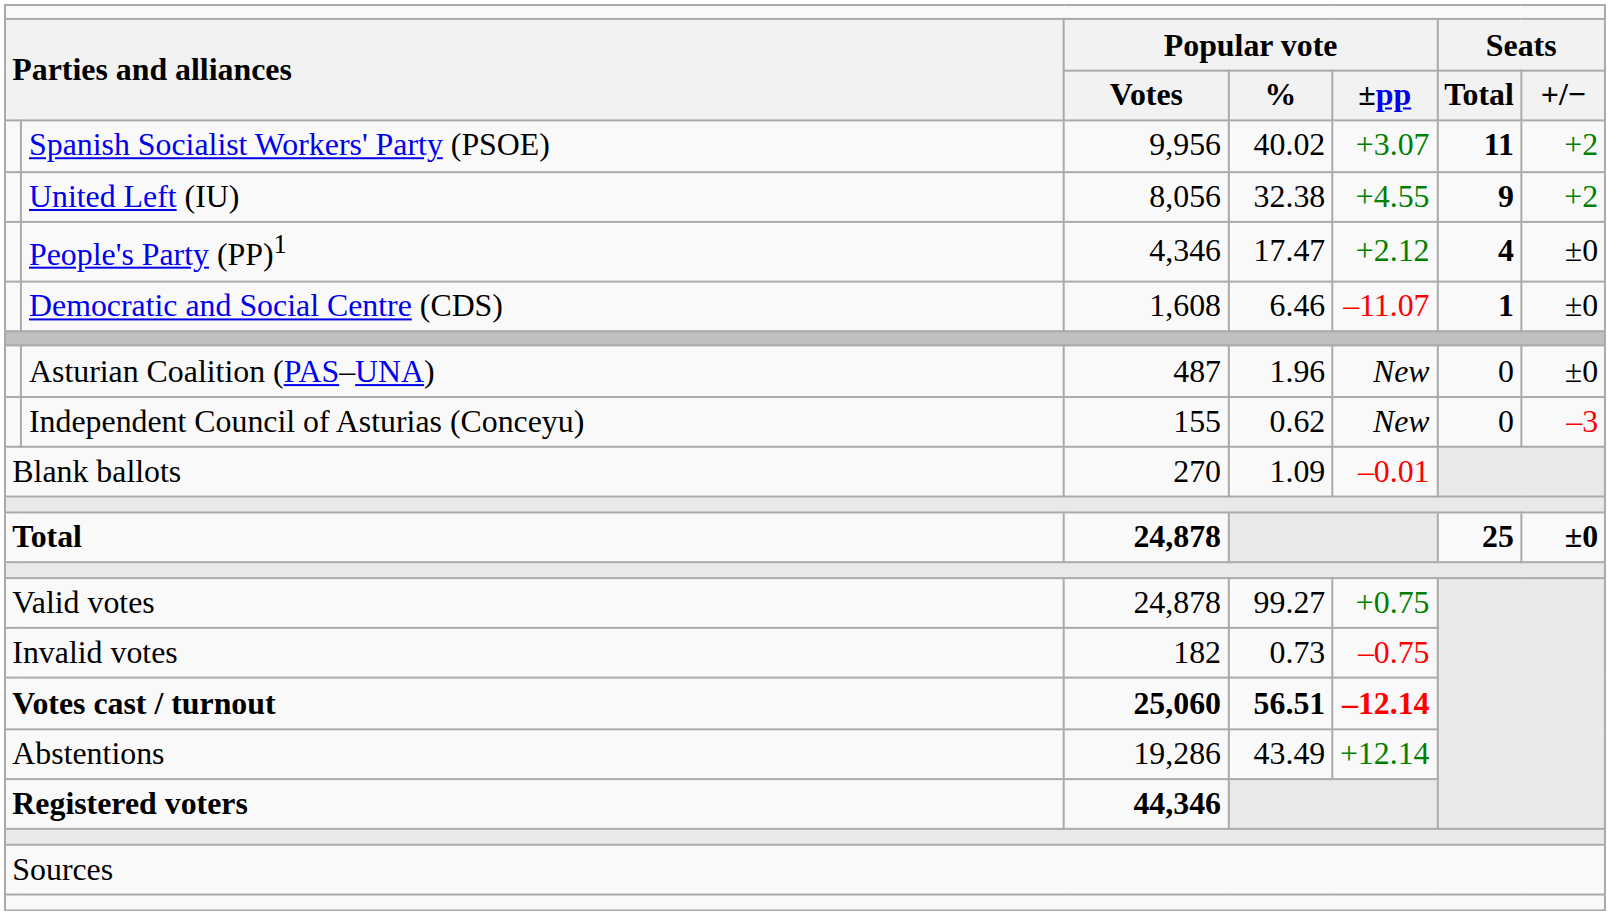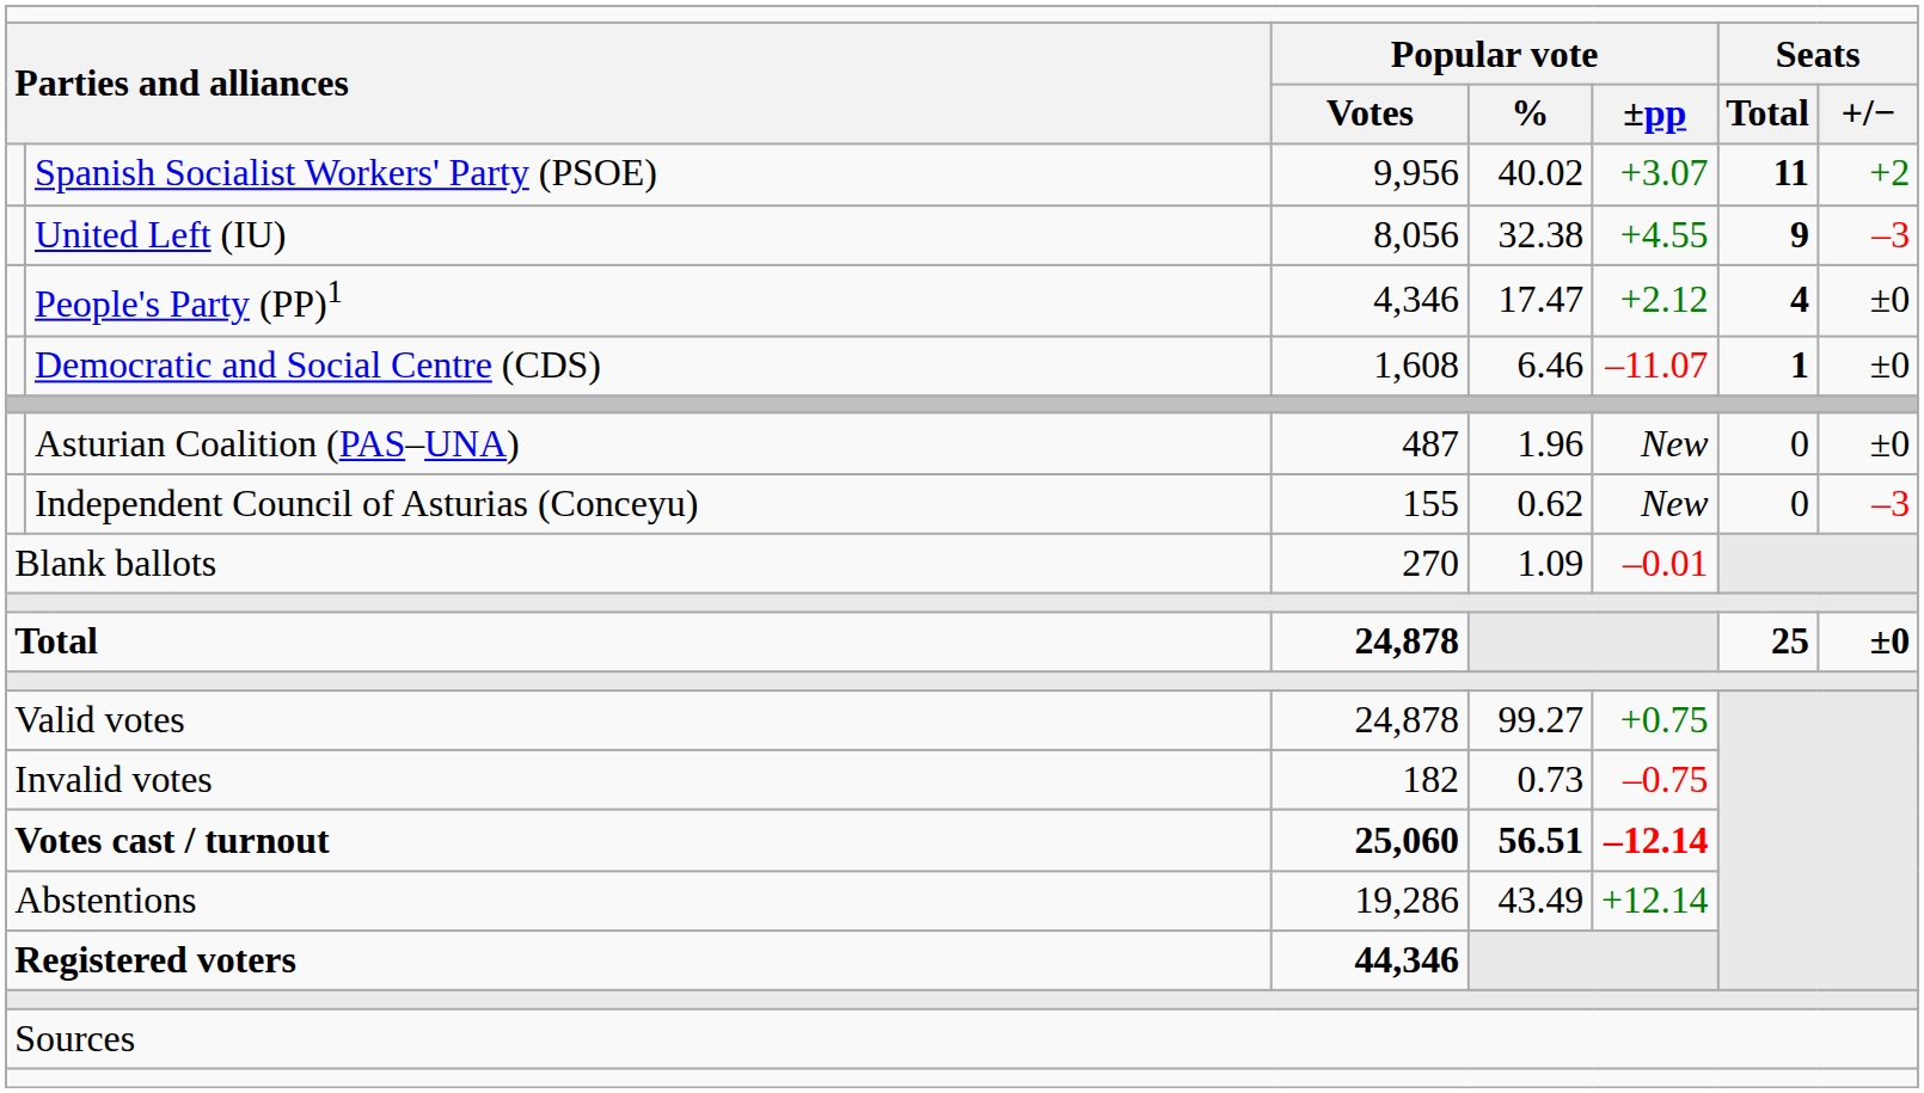 <table class="wikitable" style="text-align:right;">
 <tr>
 <td colspan="7"></td>
 </tr>
 <tr>
 <th style="text-align:left;" rowspan="2" colspan="2" width="525">Parties and alliances</th>
 <th colspan="3">Popular vote</th>
 <th colspan="2">Seats</th>
 </tr>
 <tr>
 <th width="75">Votes</th>
 <th width="45">%</th>
 <th width="45">±<a href='#'>pp</a></th>
 <th width="35">Total</th>
 <th width="35">+/−</th>
 </tr>
 <tr>
 <td width="1" style="color:inherit;background:"></td>
 <td align="left"><a href='#'>Spanish Socialist Workers' Party</a> (PSOE)</td>
 <td>9,956</td>
 <td>40.02</td>
 <td style="color:green;">+3.07</td>
 <td><strong>11</strong></td>
 <td style="color:green;">+2</td>
 </tr>
 <tr>
 <td style="color:inherit;background:"></td>
 <td align="left"><a href='#'>United Left</a> (IU)</td>
 <td>8,056</td>
 <td>32.38</td>
 <td style="color:green;">+4.55</td>
 <td><strong>9</strong></td>
-<td style="color:green;">+2</td>
+<td style="color:red;">–3</td>
 </tr>
 <tr>
 <td style="color:inherit;background:"></td>
 <td align="left"><a href='#'>People's Party</a> (PP)<sup>1</sup></td>
 <td>4,346</td>
 <td>17.47</td>
 <td style="color:green;">+2.12</td>
 <td><strong>4</strong></td>
 <td>±0</td>
 </tr>
 <tr>
 <td style="color:inherit;background:"></td>
 <td align="left"><a href='#'>Democratic and Social Centre</a> (CDS)</td>
 <td>1,608</td>
 <td>6.46</td>
 <td style="color:red;">–11.07</td>
 <td><strong>1</strong></td>
 <td>±0</td>
 </tr>
 <tr>
 <td colspan="7" bgcolor="#C0C0C0"></td>
 </tr>
 <tr>
 <td style="color:inherit;background:"></td>
 <td align="left">Asturian Coalition (<a href='#'>PAS</a>–<a href='#'>UNA</a>)</td>
 <td>487</td>
 <td>1.96</td>
 <td><em>New</em></td>
 <td>0</td>
 <td>±0</td>
 </tr>
 <tr>
 <td style="color:inherit;background:"></td>
 <td align="left">Independent Council of Asturias (Conceyu)</td>
 <td>155</td>
 <td>0.62</td>
 <td><em>New</em></td>
 <td>0</td>
 <td style="color:red;">–3</td>
 </tr>
 <tr>
 <td align="left" colspan="2">Blank ballots</td>
 <td>270</td>
 <td>1.09</td>
 <td style="color:red;">–0.01</td>
 <td bgcolor="#E9E9E9" colspan="2"></td>
 </tr>
 <tr>
 <td colspan="7" bgcolor="#E9E9E9"></td>
 </tr>
 <tr style="font-weight:bold;">
 <td align="left" colspan="2">Total</td>
 <td>24,878</td>
 <td bgcolor="#E9E9E9" colspan="2"></td>
 <td>25</td>
 <td>±0</td>
 </tr>
 <tr>
 <td colspan="7" bgcolor="#E9E9E9"></td>
 </tr>
 <tr>
 <td align="left" colspan="2">Valid votes</td>
 <td>24,878</td>
 <td>99.27</td>
 <td style="color:green;">+0.75</td>
 <td bgcolor="#E9E9E9" colspan="2" rowspan="5"></td>
 </tr>
 <tr>
 <td align="left" colspan="2">Invalid votes</td>
 <td>182</td>
 <td>0.73</td>
 <td style="color:red;">–0.75</td>
 </tr>
 <tr style="font-weight:bold;">
 <td align="left" colspan="2">Votes cast / turnout</td>
 <td>25,060</td>
 <td>56.51</td>
 <td style="color:red;">–12.14</td>
 </tr>
 <tr>
 <td align="left" colspan="2">Abstentions</td>
 <td>19,286</td>
 <td>43.49</td>
 <td style="color:green;">+12.14</td>
 </tr>
 <tr style="font-weight:bold;">
 <td align="left" colspan="2">Registered voters</td>
 <td>44,346</td>
 <td bgcolor="#E9E9E9" colspan="2"></td>
 </tr>
 <tr>
 <td colspan="7" bgcolor="#E9E9E9"></td>
 </tr>
 <tr>
 <td align="left" colspan="7">Sources</td>
 </tr>
 <tr>
 <td colspan="7" style="text-align:left; max-width:790px;"></td>
 </tr>
 </table>
